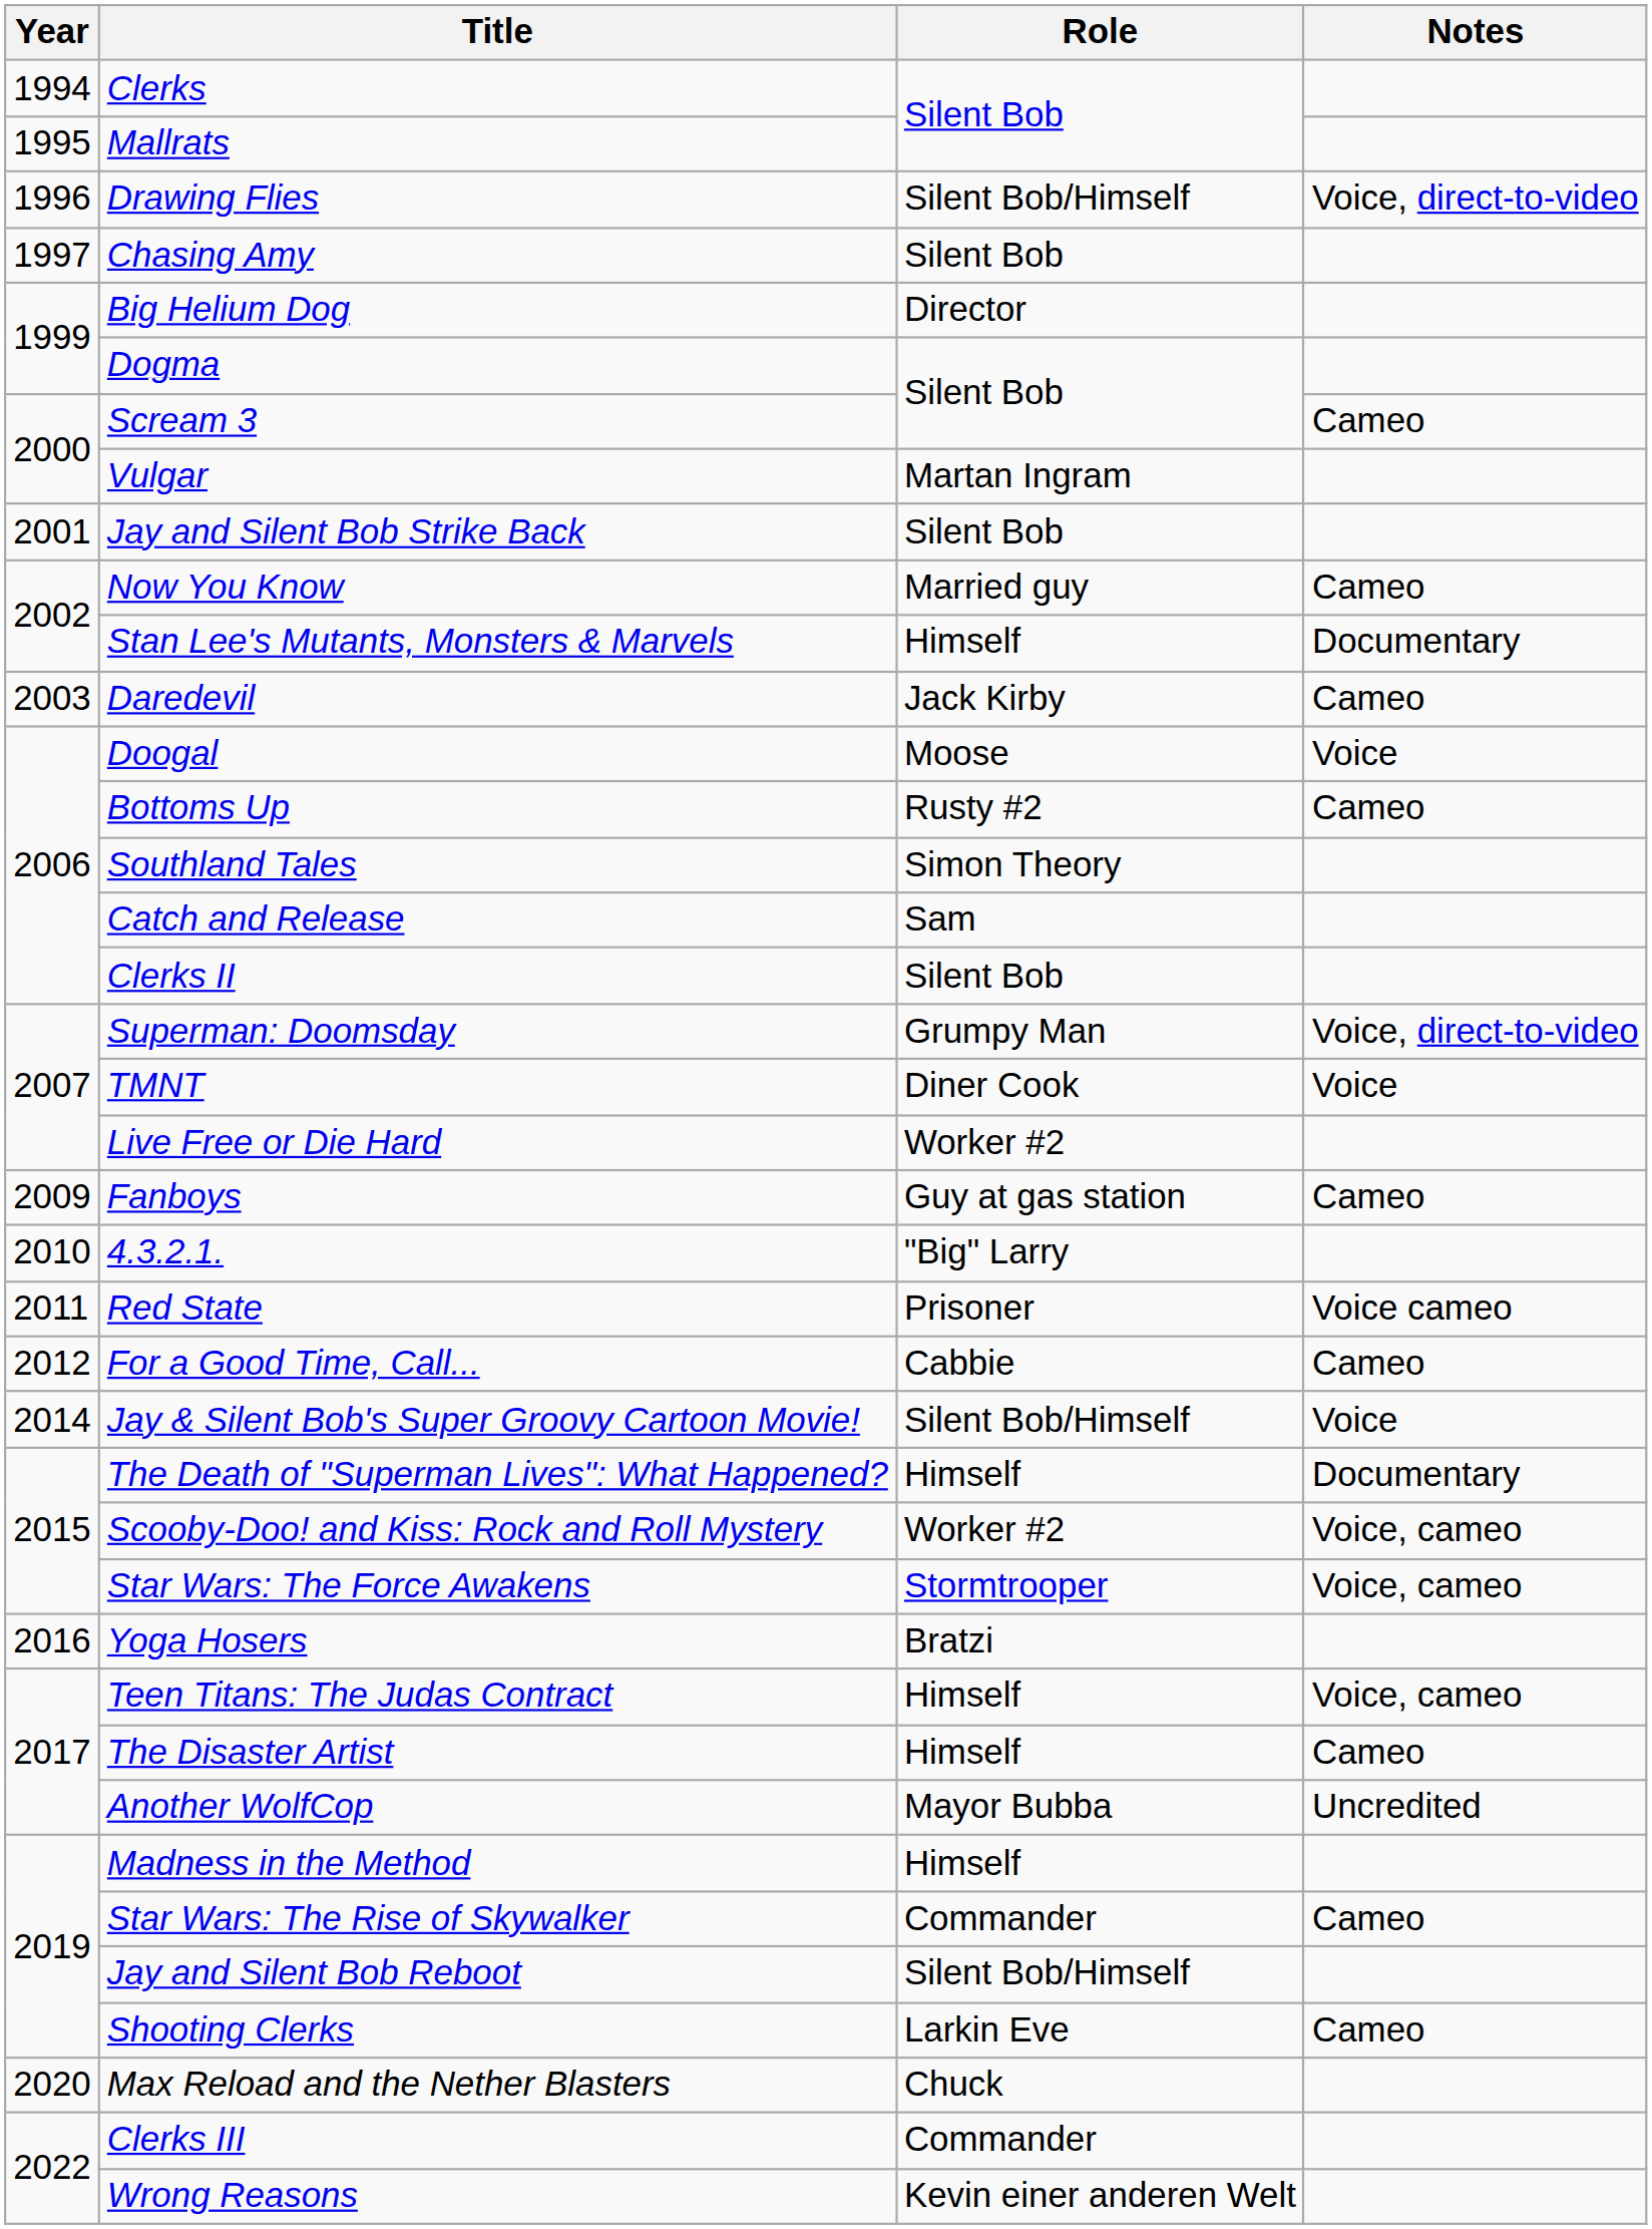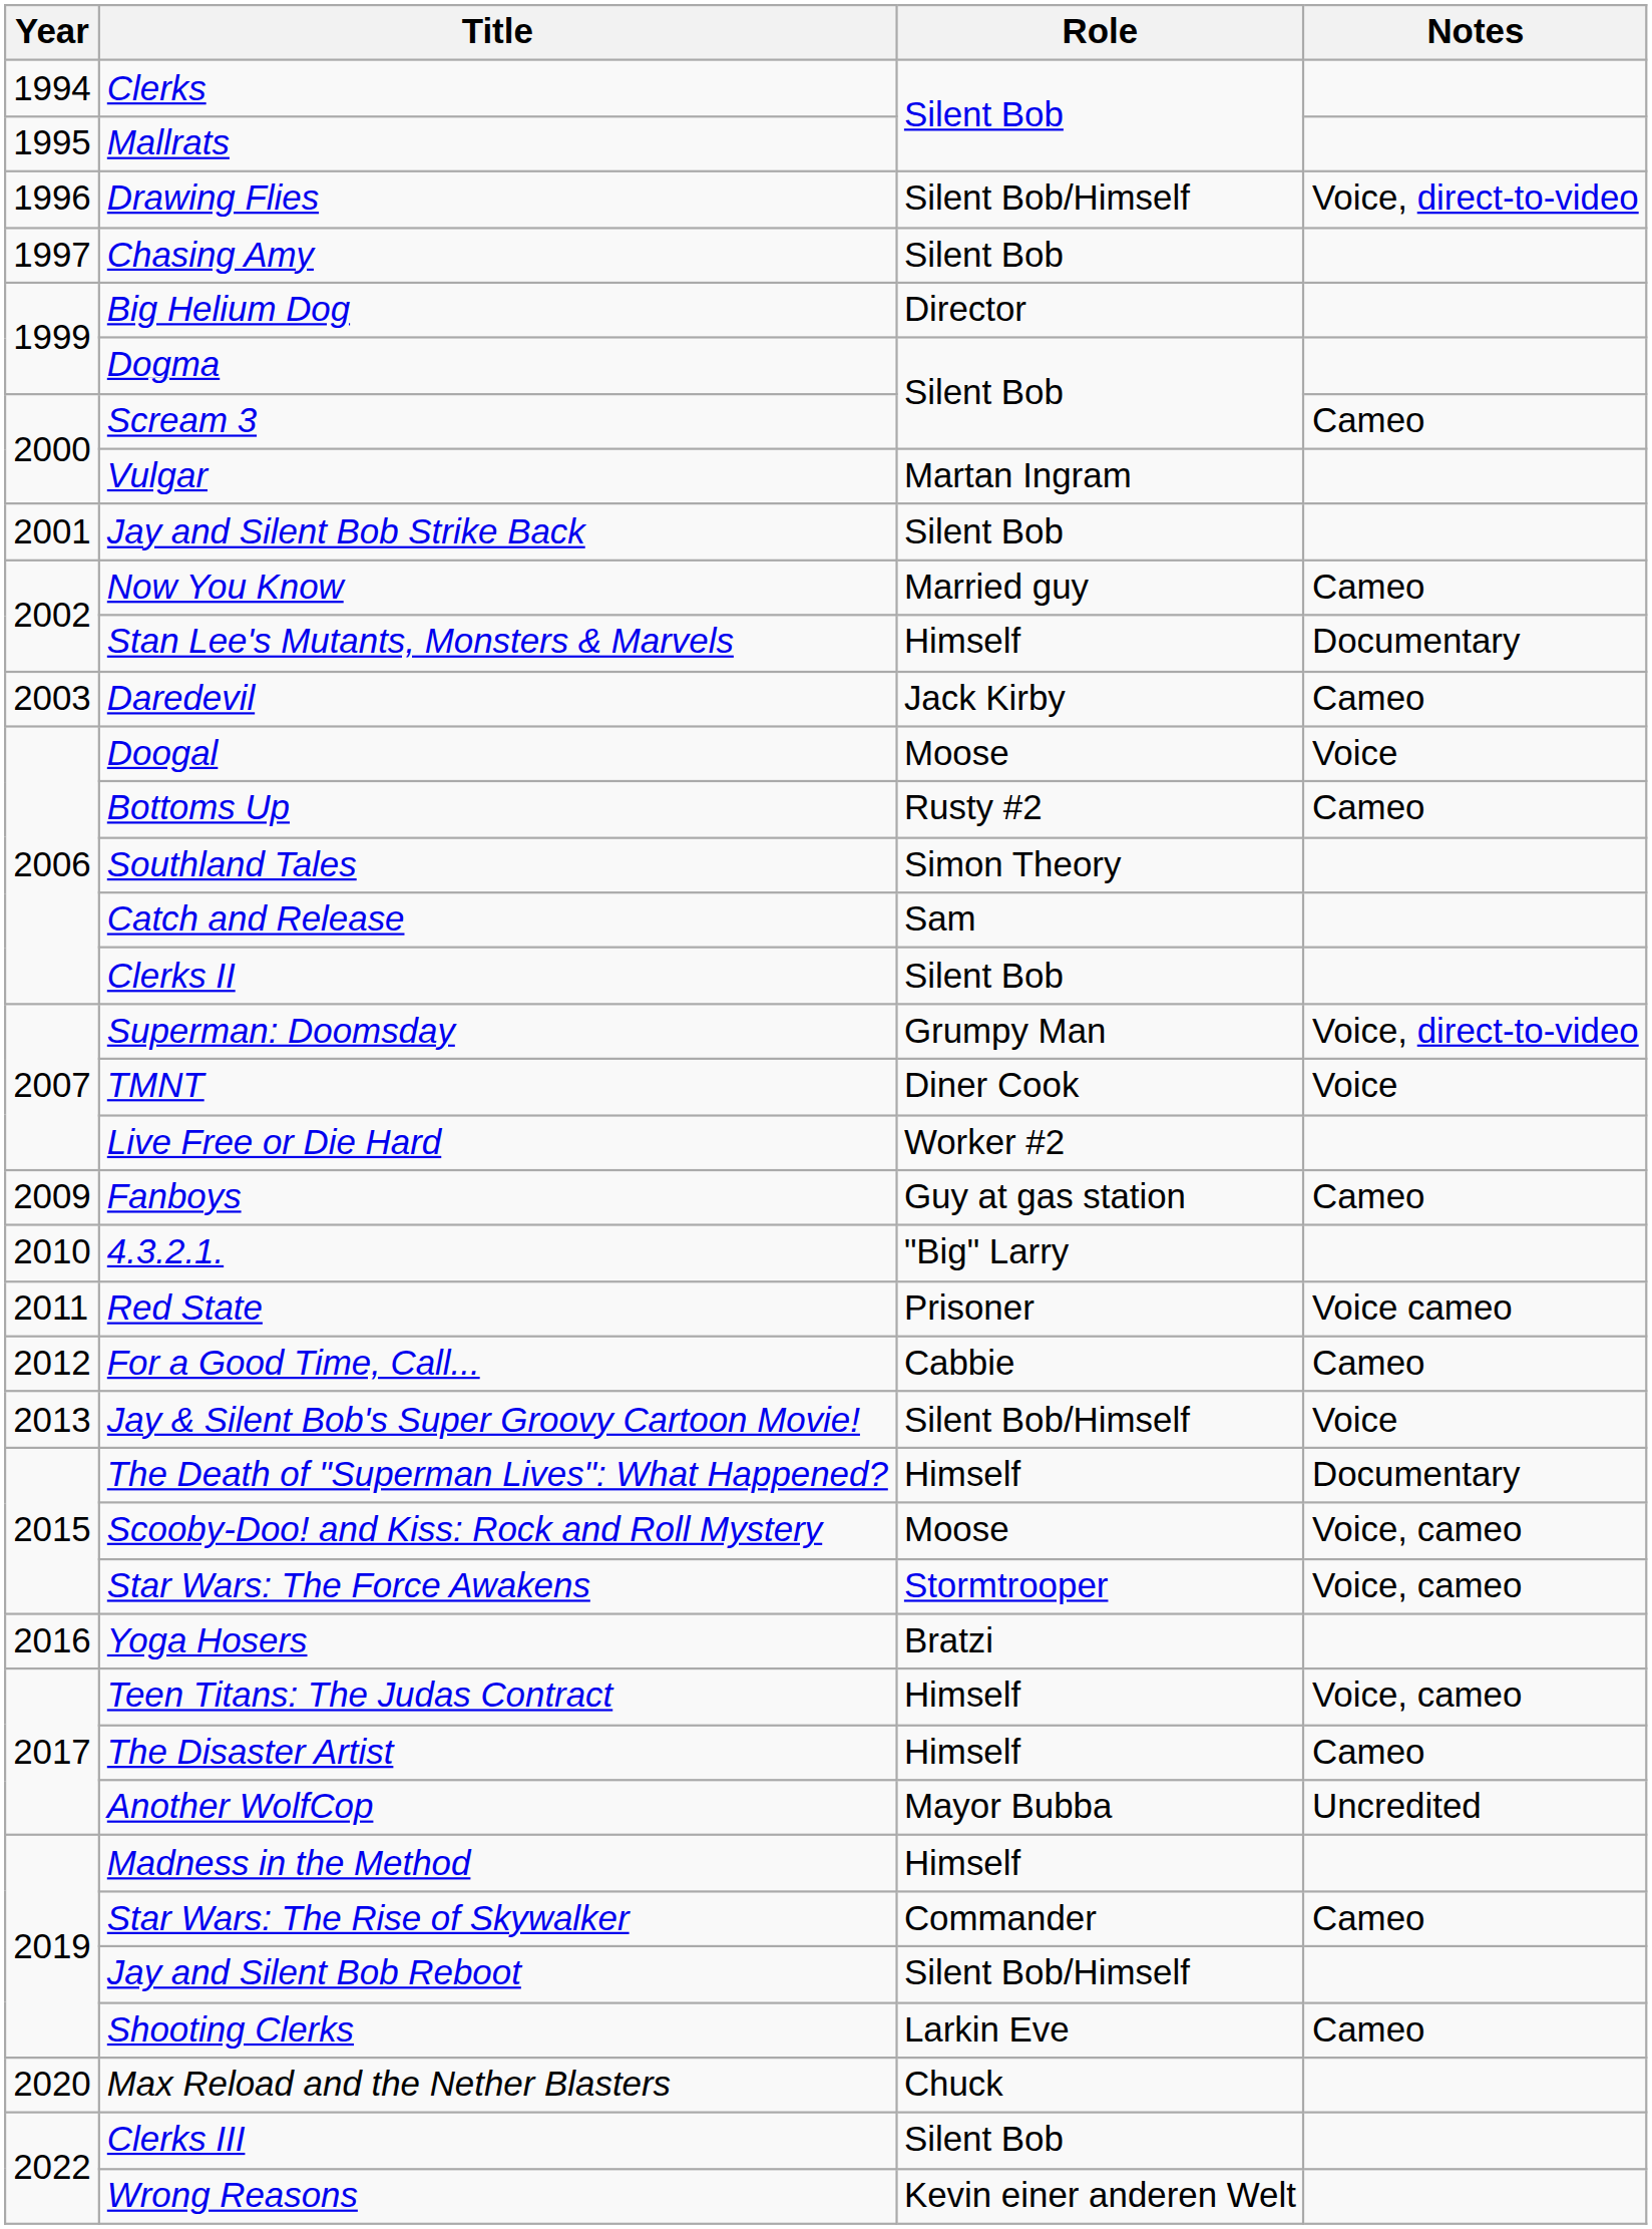 <table class="wikitable sortable">
 <tr>
 <th>Year</th>
 <th>Title</th>
 <th>Role</th>
 <th>Notes</th>
 </tr>
 <tr>
 <td>1994</td>
 <td><em><a href='#'>Clerks</a></em></td>
 <td rowspan=2><a href='#'>Silent Bob</a></td>
 <td></td>
 </tr>
 <tr>
 <td>1995</td>
 <td><em><a href='#'>Mallrats</a></em></td>
 <td></td>
 </tr>
 <tr>
 <td>1996</td>
 <td><em><a href='#'>Drawing Flies</a></em></td>
 <td>Silent Bob/Himself</td>
 <td>Voice, <a href='#'>direct-to-video</a></td>
 </tr>
 <tr>
 <td>1997</td>
 <td><em><a href='#'>Chasing Amy</a></em></td>
 <td>Silent Bob</td>
 <td></td>
 </tr>
 <tr>
 <td rowspan=2>1999</td>
 <td><em><a href='#'>Big Helium Dog</a></em></td>
 <td>Director</td>
 <td></td>
 </tr>
 <tr>
 <td><em><a href='#'>Dogma</a></em></td>
 <td rowspan=2>Silent Bob</td>
 <td></td>
 </tr>
 <tr>
 <td rowspan="2">2000</td>
 <td><em><a href='#'>Scream 3</a></em></td>
 <td>Cameo</td>
 </tr>
 <tr>
 <td><em><a href='#'>Vulgar</a></em></td>
 <td>Martan Ingram</td>
 <td></td>
 </tr>
 <tr>
 <td>2001</td>
 <td><em><a href='#'>Jay and Silent Bob Strike Back</a></em></td>
 <td>Silent Bob</td>
 <td></td>
 </tr>
 <tr>
 <td rowspan="2">2002</td>
 <td><em><a href='#'>Now You Know</a></em></td>
 <td>Married guy</td>
 <td>Cameo</td>
 </tr>
 <tr>
 <td><em><a href='#'>Stan Lee's Mutants, Monsters & Marvels</a></em></td>
 <td>Himself</td>
 <td>Documentary</td>
 </tr>
 <tr>
 <td>2003</td>
 <td><em><a href='#'>Daredevil</a></em></td>
 <td>Jack Kirby</td>
 <td>Cameo</td>
 </tr>
 <tr>
 <td rowspan="5">2006</td>
 <td><em><a href='#'>Doogal</a></em></td>
 <td>Moose</td>
 <td>Voice</td>
 </tr>
 <tr>
 <td><em><a href='#'>Bottoms Up</a></em></td>
 <td>Rusty #2</td>
 <td>Cameo</td>
 </tr>
 <tr>
 <td><em><a href='#'>Southland Tales</a></em></td>
 <td>Simon Theory</td>
 <td></td>
 </tr>
 <tr>
 <td><em><a href='#'>Catch and Release</a></em></td>
 <td>Sam</td>
 <td></td>
 </tr>
 <tr>
 <td><em><a href='#'>Clerks II</a></em></td>
 <td>Silent Bob</td>
 <td></td>
 </tr>
 <tr>
 <td rowspan="3">2007</td>
 <td><em><a href='#'>Superman: Doomsday</a></em></td>
 <td>Grumpy Man</td>
 <td>Voice, <a href='#'>direct-to-video</a></td>
 </tr>
 <tr>
 <td><em><a href='#'>TMNT</a></em></td>
 <td>Diner Cook</td>
 <td>Voice</td>
 </tr>
 <tr>
 <td><em><a href='#'>Live Free or Die Hard</a></em></td>
 <td>Worker #2</td>
 <td></td>
 </tr>
 <tr>
 <td>2009</td>
 <td><em><a href='#'>Fanboys</a></em></td>
 <td>Guy at gas station</td>
 <td>Cameo</td>
 </tr>
 <tr>
 <td>2010</td>
 <td><em><a href='#'>4.3.2.1.</a></em></td>
 <td>"Big" Larry</td>
 <td></td>
 </tr>
 <tr>
 <td>2011</td>
 <td><em><a href='#'>Red State</a></em></td>
 <td>Prisoner</td>
 <td>Voice cameo</td>
 </tr>
 <tr>
 <td>2012</td>
 <td><em><a href='#'>For a Good Time, Call...</a></em></td>
 <td>Cabbie</td>
 <td>Cameo</td>
 </tr>
 <tr>
-<td>2014</td>
+<td>2013</td>
 <td><em><a href='#'>Jay & Silent Bob's Super Groovy Cartoon Movie!</a></em></td>
 <td>Silent Bob/Himself</td>
 <td>Voice</td>
 </tr>
 <tr>
 <td rowspan="3">2015</td>
 <td><em><a href='#'>The Death of "Superman Lives": What Happened?</a></em></td>
 <td>Himself</td>
 <td>Documentary</td>
 </tr>
 <tr>
 <td><em><a href='#'>Scooby-Doo! and Kiss: Rock and Roll Mystery</a></em></td>
-<td>Worker #2</td>
+<td>Moose</td>
 <td>Voice, cameo</td>
 </tr>
 <tr>
 <td><em><a href='#'>Star Wars: The Force Awakens</a></em></td>
 <td><a href='#'>Stormtrooper</a></td>
 <td>Voice, cameo</td>
 </tr>
 <tr>
 <td>2016</td>
 <td><em><a href='#'>Yoga Hosers</a></em></td>
 <td>Bratzi</td>
 <td></td>
 </tr>
 <tr>
 <td rowspan="3”">2017</td>
 <td><em><a href='#'>Teen Titans: The Judas Contract</a></em></td>
 <td>Himself</td>
 <td>Voice, cameo</td>
 </tr>
 <tr>
 <td><em><a href='#'>The Disaster Artist</a></em></td>
 <td>Himself</td>
 <td>Cameo</td>
 </tr>
 <tr>
 <td><em><a href='#'>Another WolfCop</a></em></td>
 <td>Mayor Bubba</td>
 <td>Uncredited</td>
 </tr>
 <tr>
 <td rowspan="4">2019</td>
 <td><em><a href='#'>Madness in the Method</a></em></td>
 <td>Himself</td>
 <td></td>
 </tr>
 <tr>
 <td><em><a href='#'>Star Wars: The Rise of Skywalker</a></em></td>
 <td>Commander</td>
 <td>Cameo</td>
 </tr>
 <tr>
 <td><em><a href='#'>Jay and Silent Bob Reboot</a></em></td>
 <td>Silent Bob/Himself</td>
 <td></td>
 </tr>
 <tr>
 <td><em><a href='#'>Shooting Clerks</a></em></td>
 <td>Larkin Eve</td>
 <td>Cameo</td>
 </tr>
 <tr>
 <td>2020</td>
 <td><em>Max Reload and the Nether Blasters</em></td>
 <td>Chuck</td>
 <td></td>
 </tr>
 <tr>
 <td rowspan="2">2022</td>
 <td><em><a href='#'>Clerks III</a></em></td>
-<td>Commander</td>
+<td>Silent Bob</td>
 <td></td>
 </tr>
 <tr>
 <td><em><a href='#'>Wrong Reasons</a></em></td>
 <td>Kevin einer anderen Welt</td>
 <td></td>
 </tr>
 </table>
